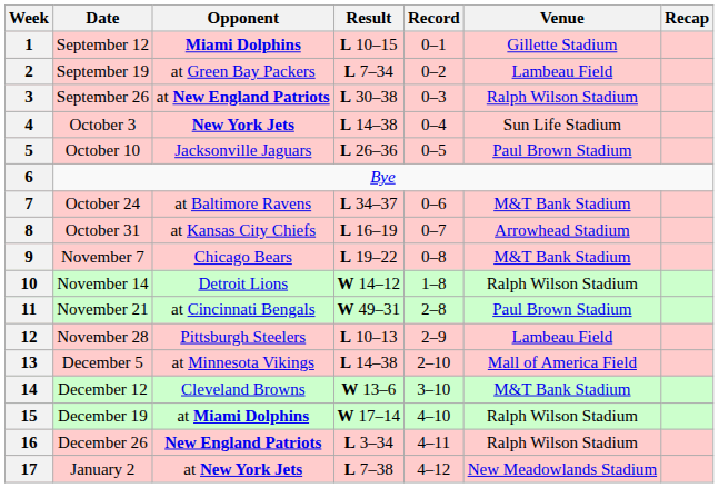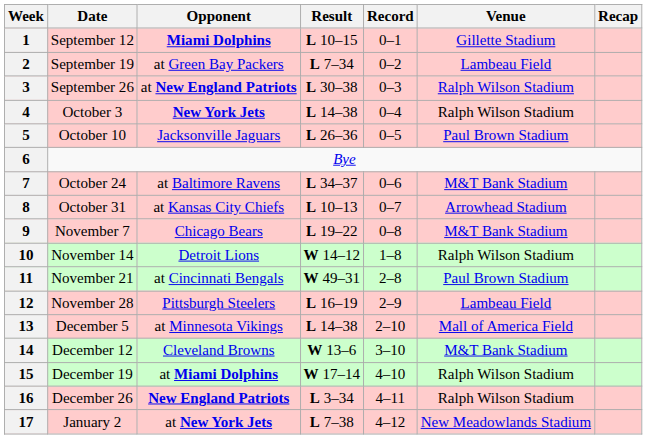 <table class="wikitable" style="text-align:center">
 <tr>
 <th>Week</th>
 <th>Date</th>
 <th>Opponent</th>
 <th>Result</th>
 <th>Record</th>
 <th>Venue</th>
 <th>Recap</th>
 </tr>
 <tr style="background:#fcc">
 <th>1</th>
 <td>September 12</td>
 <td><strong><a href='#'>Miami Dolphins</a></strong></td>
 <td><strong>L</strong> 10–15</td>
 <td>0–1</td>
 <td><a href='#'>Gillette Stadium</a></td>
 <td></td>
 </tr>
 <tr style="background:#fcc">
 <th>2</th>
 <td>September 19</td>
 <td>at <a href='#'>Green Bay Packers</a></td>
 <td><strong>L</strong> 7–34</td>
 <td>0–2</td>
 <td><a href='#'>Lambeau Field</a></td>
 <td></td>
 </tr>
 <tr style="background:#fcc">
 <th>3</th>
 <td>September 26</td>
 <td>at <strong><a href='#'>New England Patriots</a></strong></td>
 <td><strong>L</strong> 30–38</td>
 <td>0–3</td>
 <td><a href='#'>Ralph Wilson Stadium</a></td>
 <td></td>
 </tr>
 <tr style="background:#fcc">
 <th>4</th>
 <td>October 3</td>
 <td><strong><a href='#'>New York Jets</a></strong></td>
 <td><strong>L</strong> 14–38</td>
 <td>0–4</td>
-<td>Sun Life Stadium</td>
+<td>Ralph Wilson Stadium</td>
 <td></td>
 </tr>
 <tr style="background:#fcc">
 <th>5</th>
 <td>October 10</td>
 <td><a href='#'>Jacksonville Jaguars</a></td>
 <td><strong>L</strong> 26–36</td>
 <td>0–5</td>
 <td><a href='#'>Paul Brown Stadium</a></td>
 <td></td>
 </tr>
 <tr>
 <th>6</th>
 <td colspan="6"><em><a href='#'>Bye</a></em></td>
 </tr>
 <tr style="background:#fcc">
 <th>7</th>
 <td>October 24</td>
 <td>at <a href='#'>Baltimore Ravens</a></td>
 <td><strong>L</strong> 34–37 </td>
 <td>0–6</td>
 <td><a href='#'>M&T Bank Stadium</a></td>
 <td></td>
 </tr>
 <tr style="background:#fcc">
 <th>8</th>
 <td>October 31</td>
 <td>at <a href='#'>Kansas City Chiefs</a></td>
-<td><strong>L</strong> 16–19 </td>
+<td><strong>L</strong> 10–13 </td>
 <td>0–7</td>
 <td><a href='#'>Arrowhead Stadium</a></td>
 <td></td>
 </tr>
 <tr style="background:#fcc">
 <th>9</th>
 <td>November 7</td>
 <td><a href='#'>Chicago Bears</a></td>
 <td><strong>L</strong> 19–22</td>
 <td>0–8</td>
 <td><a href='#'>M&T Bank Stadium</a></td>
 <td></td>
 </tr>
 <tr style="background:#cfc">
 <th>10</th>
 <td>November 14</td>
 <td><a href='#'>Detroit Lions</a></td>
 <td><strong>W</strong> 14–12</td>
 <td>1–8</td>
 <td>Ralph Wilson Stadium</td>
 <td></td>
 </tr>
 <tr style="background:#cfc">
 <th>11</th>
 <td>November 21</td>
 <td>at <a href='#'>Cincinnati Bengals</a></td>
 <td><strong>W</strong> 49–31</td>
 <td>2–8</td>
 <td><a href='#'>Paul Brown Stadium</a></td>
 <td></td>
 </tr>
 <tr style="background:#fcc">
 <th>12</th>
 <td>November 28</td>
 <td><a href='#'>Pittsburgh Steelers</a></td>
-<td><strong>L</strong> 10–13 </td>
+<td><strong>L</strong> 16–19 </td>
 <td>2–9</td>
 <td><a href='#'>Lambeau Field</a></td>
 <td></td>
 </tr>
 <tr style="background:#fcc">
 <th>13</th>
 <td>December 5</td>
 <td>at <a href='#'>Minnesota Vikings</a></td>
 <td><strong>L</strong> 14–38</td>
 <td>2–10</td>
 <td><a href='#'>Mall of America Field</a></td>
 <td></td>
 </tr>
 <tr style="background:#cfc">
 <th>14</th>
 <td>December 12</td>
 <td><a href='#'>Cleveland Browns</a></td>
 <td><strong>W</strong> 13–6</td>
 <td>3–10</td>
 <td><a href='#'>M&T Bank Stadium</a></td>
 <td></td>
 </tr>
 <tr style="background:#cfc">
 <th>15</th>
 <td>December 19</td>
 <td>at <strong><a href='#'>Miami Dolphins</a></strong></td>
 <td><strong>W</strong> 17–14</td>
 <td>4–10</td>
 <td>Ralph Wilson Stadium</td>
 <td></td>
 </tr>
 <tr style="background:#fcc">
 <th>16</th>
 <td>December 26</td>
 <td><strong><a href='#'>New England Patriots</a></strong></td>
 <td><strong>L</strong> 3–34</td>
 <td>4–11</td>
 <td>Ralph Wilson Stadium</td>
 <td></td>
 </tr>
 <tr style="background:#fcc">
 <th>17</th>
 <td>January 2</td>
 <td>at <strong><a href='#'>New York Jets</a></strong></td>
 <td><strong>L</strong> 7–38</td>
 <td>4–12</td>
 <td><a href='#'>New Meadowlands Stadium</a></td>
 <td></td>
 </tr>
 </table>
